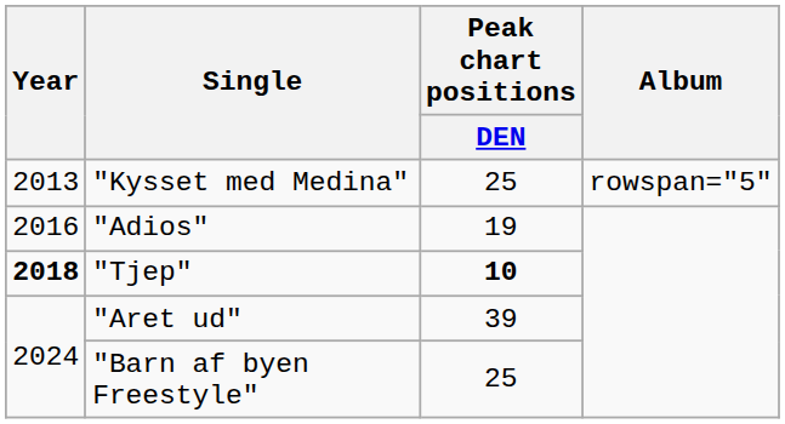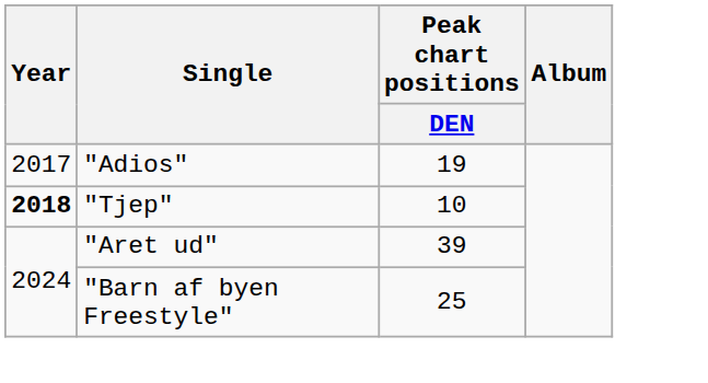 <table class="wikitable">
 <tr>
 <th rowspan="2" align="center">Year</th>
 <th rowspan="2" width="150" align="center">Single</th>
 <th colspan="1" align="center">Peak chart positions</th>
 <th rowspan="2" align="center">Album</th>
 </tr>
 <tr>
 <th style="width:3em;font-size:100%"><a href='#'>DEN</a><br></th>
 </tr>
 <tr>
-<td align="center">2013</td>
-<td>"Kysset med Medina" <br></td>
-<td align="center">25</td>
-<td>rowspan="5" </td>
-</tr>
-<tr>
-<td align="center">2016</td>
+<td align="center">2017</td>
 <td>"Adios" <br></td>
 <td align="center">19</td>
 </tr>
 <tr>
 <td align="center"><strong>2018</strong></td>
 <td>"Tjep" <br></td>
-<td align="center"><strong>10</strong></td>
+<td align="center">10</td>
 </tr>
 <tr>
 <td align="center" rowspan="2">2024</td>
 <td>"Aret ud" <br></td>
 <td align="center">39<br></td>
 </tr>
 <tr>
 <td>"Barn af byen Freestyle" <br></td>
 <td align="center">25<br></td>
 </tr>
 </table>
